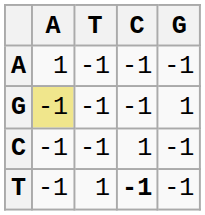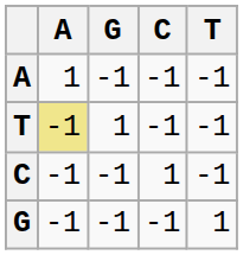 <table style="font-family: monospace" class="wikitable">
 <tr>
 <th></th>
 <th>A</th>
+<th>G</th>
+<th>C</th>
 <th>T</th>
-<th>C</th>
-<th>G</th>
 </tr>
 <tr style="text-align: right;">
 <th scope="row">A</th>
 <td>1</td>
 <td>-1</td>
 <td>-1</td>
 <td>-1</td>
 </tr>
 <tr style="text-align: right;">
-<th scope="row">G</th>
+<th scope="row">T</th>
 <td style="background: khaki;">-1</td>
+<td>1</td>
 <td>-1</td>
 <td>-1</td>
-<td>1</td>
 </tr>
 <tr style="text-align: right;">
 <th scope="row">C</th>
 <td>-1</td>
 <td>-1</td>
 <td>1</td>
 <td>-1</td>
 </tr>
 <tr style="text-align: right;">
-<th scope="row">T</th>
+<th scope="row">G</th>
+<td>-1</td>
+<td>-1</td>
 <td>-1</td>
 <td>1</td>
-<td><strong>-1</strong></td>
-<td>-1</td>
 </tr>
 </table>
